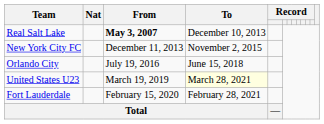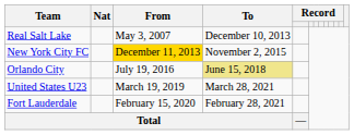 <table class="wikitable" style="text-align: center">
 <tr>
 <th rowspan="2">Team</th>
 <th rowspan="2">Nat</th>
 <th rowspan="2">From</th>
 <th rowspan="2">To</th>
 <th colspan="8">Record</th>
 <th rowspan=2></th>
 </tr>
 <tr>
 <th></th>
 <th></th>
 <th></th>
 <th></th>
 <th></th>
 <th></th>
 <th></th>
 <th></th>
 </tr>
 <tr>
 <td align=left><a href='#'>Real Salt Lake</a></td>
 <td></td>
-<td align=left><strong>May 3, 2007</strong></td>
+<td align=left>May 3, 2007</td>
 <td align=left>December 10, 2013<br></td>
 <td></td>
 </tr>
 <tr>
 <td align=left><a href='#'>New York City FC</a></td>
 <td></td>
-<td align=left>December 11, 2013</td>
+<td align=left style="background: gold;">December 11, 2013</td>
 <td align=left>November 2, 2015<br></td>
 <td></td>
 </tr>
 <tr>
 <td align=left><a href='#'>Orlando City</a></td>
 <td></td>
 <td align=left>July 19, 2016</td>
-<td align=left>June 15, 2018<br></td>
+<td align=left style="background: khaki;">June 15, 2018<br></td>
 <td></td>
 </tr>
 <tr>
 <td align=left><a href='#'>United States U23</a></td>
 <td></td>
 <td align=left>March 19, 2019</td>
-<td align=left style="background: lightyellow;">March 28, 2021<br></td>
+<td align=left>March 28, 2021<br></td>
 <td></td>
 </tr>
 <tr>
 <td align=left><a href='#'>Fort Lauderdale</a></td>
 <td></td>
 <td align=left>February 15, 2020</td>
 <td align=left>February 28, 2021<br></td>
 <td></td>
 </tr>
 <tr>
 <th colspan="4">Total<br></th>
 <th>—</th>
 </tr>
 </table>
